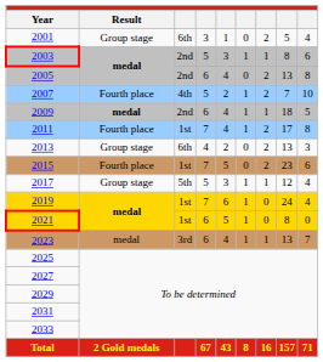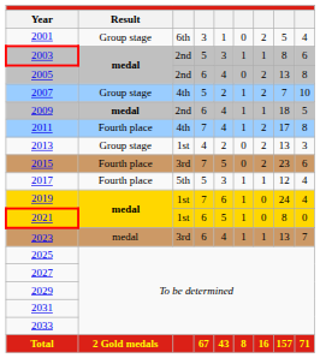 <table class="wikitable" style="text-align: center;font-size:90%;">
 <tr>
 <th colspan="9" style="background: #DB2017; color: #FFFF00;"><a href='#'></a></th>
 </tr>
 <tr>
 <th width="90">Year</th>
 <th width="120">Result</th>
 <th width="20"></th>
 <th width="20"></th>
 <th width="20"></th>
 <th width="20"></th>
 <th width="20"></th>
 <th width="20"></th>
 <th width="20"></th>
 </tr>
 <tr>
 <td> <a href='#'>2001</a></td>
 <td>Group stage</td>
 <td>6th</td>
 <td>3</td>
 <td>1</td>
 <td>0</td>
 <td>2</td>
 <td>5</td>
 <td>4</td>
 </tr>
 <tr style="background-color:silver;">
 <td style="border:3px solid red"> <a href='#'>2003</a></td>
 <td rowspan=2><strong> medal</strong></td>
 <td>2nd</td>
 <td>5</td>
 <td>3</td>
 <td>1</td>
 <td>1</td>
 <td>8</td>
 <td>6</td>
 </tr>
 <tr style="background-color:silver;">
 <td> <a href='#'>2005</a></td>
 <td>2nd</td>
 <td>6</td>
 <td>4</td>
 <td>0</td>
 <td>2</td>
 <td>13</td>
 <td>8</td>
 </tr>
 <tr style="background-color:#9acdff;">
 <td> <a href='#'>2007</a></td>
-<td>Fourth place</td>
+<td>Group stage</td>
 <td>4th</td>
 <td>5</td>
 <td>2</td>
 <td>1</td>
 <td>2</td>
 <td>7</td>
 <td>10</td>
 </tr>
 <tr style="background-color:silver;">
 <td> <a href='#'>2009</a></td>
 <td><strong> medal</strong></td>
 <td>2nd</td>
 <td>6</td>
 <td>4</td>
 <td>1</td>
 <td>1</td>
 <td>18</td>
 <td>5</td>
 </tr>
 <tr style="background-color:#9acdff;">
 <td> <a href='#'>2011</a></td>
 <td>Fourth place</td>
-<td>1st</td>
+<td>4th</td>
 <td>7</td>
 <td>4</td>
 <td>1</td>
 <td>2</td>
 <td>17</td>
 <td>8</td>
 </tr>
 <tr>
 <td> <a href='#'>2013</a></td>
 <td>Group stage</td>
-<td>6th</td>
+<td>1st</td>
 <td>4</td>
 <td>2</td>
 <td>0</td>
 <td>2</td>
 <td>13</td>
 <td>3</td>
 </tr>
 <tr style="background-color:#cc9966;">
 <td> <a href='#'>2015</a></td>
 <td>Fourth place</td>
-<td>1st</td>
+<td>3rd</td>
 <td>7</td>
 <td>5</td>
 <td>0</td>
 <td>2</td>
 <td>23</td>
 <td>6</td>
 </tr>
 <tr>
 <td> <a href='#'>2017</a></td>
-<td>Group stage</td>
+<td>Fourth place</td>
 <td>5th</td>
 <td>5</td>
 <td>3</td>
 <td>1</td>
 <td>1</td>
 <td>12</td>
 <td>4</td>
 </tr>
 <tr style="background:Gold;">
 <td> <a href='#'>2019</a></td>
 <td rowspan=2><strong> medal</strong></td>
 <td>1st</td>
 <td>7</td>
 <td>6</td>
 <td>1</td>
 <td>0</td>
 <td>24</td>
 <td>4</td>
 </tr>
 <tr style="background:Gold;">
 <td style="border:3px solid red"> <a href='#'>2021</a></td>
 <td>1st</td>
 <td>6</td>
 <td>5</td>
 <td>1</td>
 <td>0</td>
 <td>8</td>
 <td>0</td>
 </tr>
 <tr style="background-color:#cc9966;">
 <td> <a href='#'>2023</a></td>
 <td> medal</td>
 <td>3rd</td>
 <td>6</td>
 <td>4</td>
 <td>1</td>
 <td>1</td>
 <td>13</td>
 <td>7</td>
 </tr>
 <tr>
 <td> <a href='#'>2025</a></td>
 <td colspan="8" rowspan="5"><em>To be determined</em></td>
 </tr>
 <tr>
 <td> <a href='#'>2027</a></td>
 </tr>
 <tr>
 <td> <a href='#'>2029</a></td>
 </tr>
 <tr>
 <td> <a href='#'>2031</a></td>
 </tr>
 <tr>
 <td> <a href='#'>2033</a></td>
 </tr>
 <tr>
 <td colspan="1" style="background: #DB2017; color: #FFFF00;"><strong>Total</strong></td>
 <td style="background: #DB2017; color: #FFFF00;"><strong>2 Gold medals</strong></td>
 <td style="background: #DB2017; color: #FFFF00;"><strong></strong></td>
 <td style="background: #DB2017; color: #FFFF00;"><strong>67</strong></td>
 <td style="background: #DB2017; color: #FFFF00;"><strong>43</strong></td>
 <td style="background: #DB2017; color: #FFFF00;"><strong>8</strong></td>
 <td style="background: #DB2017; color: #FFFF00;"><strong>16</strong></td>
 <td style="background: #DB2017; color: #FFFF00;"><strong>157</strong></td>
 <td style="background: #DB2017; color: #FFFF00;"><strong>71</strong></td>
 </tr>
 </table>
